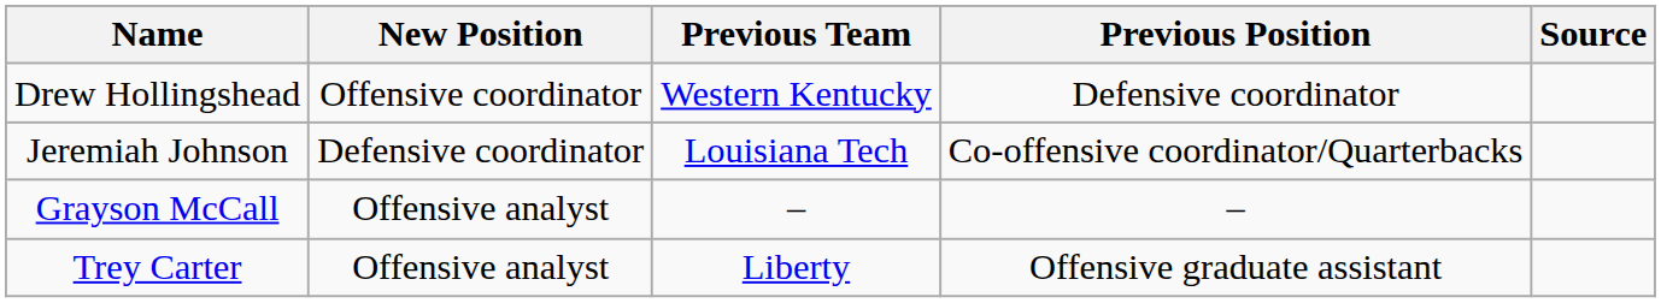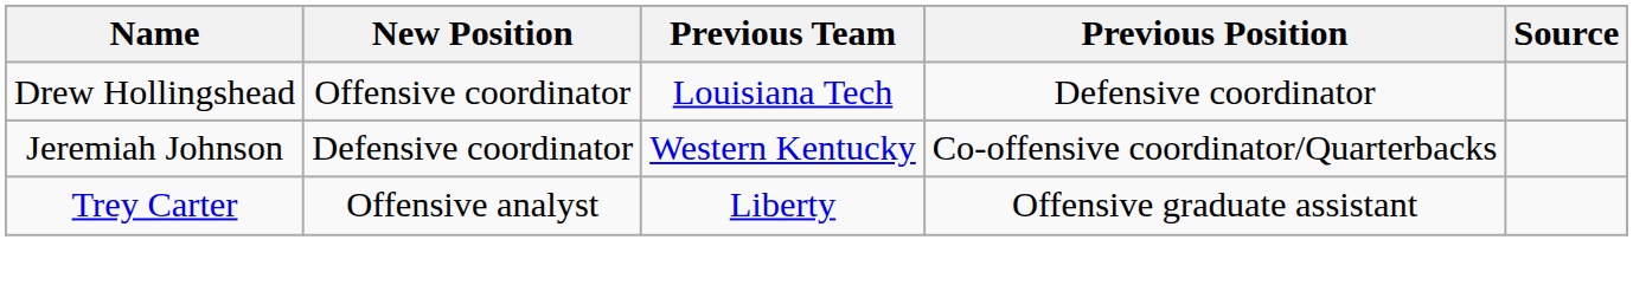 <table class="wikitable">
 <tr>
 <th style="text-align:center; ">Name</th>
 <th style="text-align:center; ">New Position</th>
 <th style="text-align:center; ">Previous Team</th>
 <th style="text-align:center; ">Previous Position</th>
 <th style="text-align:center; ">Source</th>
 </tr>
 <tr align="center">
 <td>Drew Hollingshead</td>
 <td>Offensive coordinator</td>
-<td><a href='#'>Western Kentucky</a></td>
+<td><a href='#'>Louisiana Tech</a></td>
 <td>Defensive coordinator</td>
 <td></td>
 </tr>
 <tr align="center">
 <td>Jeremiah Johnson</td>
 <td>Defensive coordinator</td>
-<td><a href='#'>Louisiana Tech</a></td>
+<td><a href='#'>Western Kentucky</a></td>
 <td>Co-offensive coordinator/Quarterbacks</td>
-<td></td>
-</tr>
-<tr align="center">
-<td><a href='#'>Grayson McCall</a></td>
-<td>Offensive analyst</td>
-<td>–</td>
-<td>–</td>
 <td></td>
 </tr>
 <tr align="center">
 <td><a href='#'>Trey Carter</a></td>
 <td>Offensive analyst</td>
 <td><a href='#'>Liberty</a></td>
 <td>Offensive graduate assistant</td>
 <td></td>
 </tr>
 </table>
